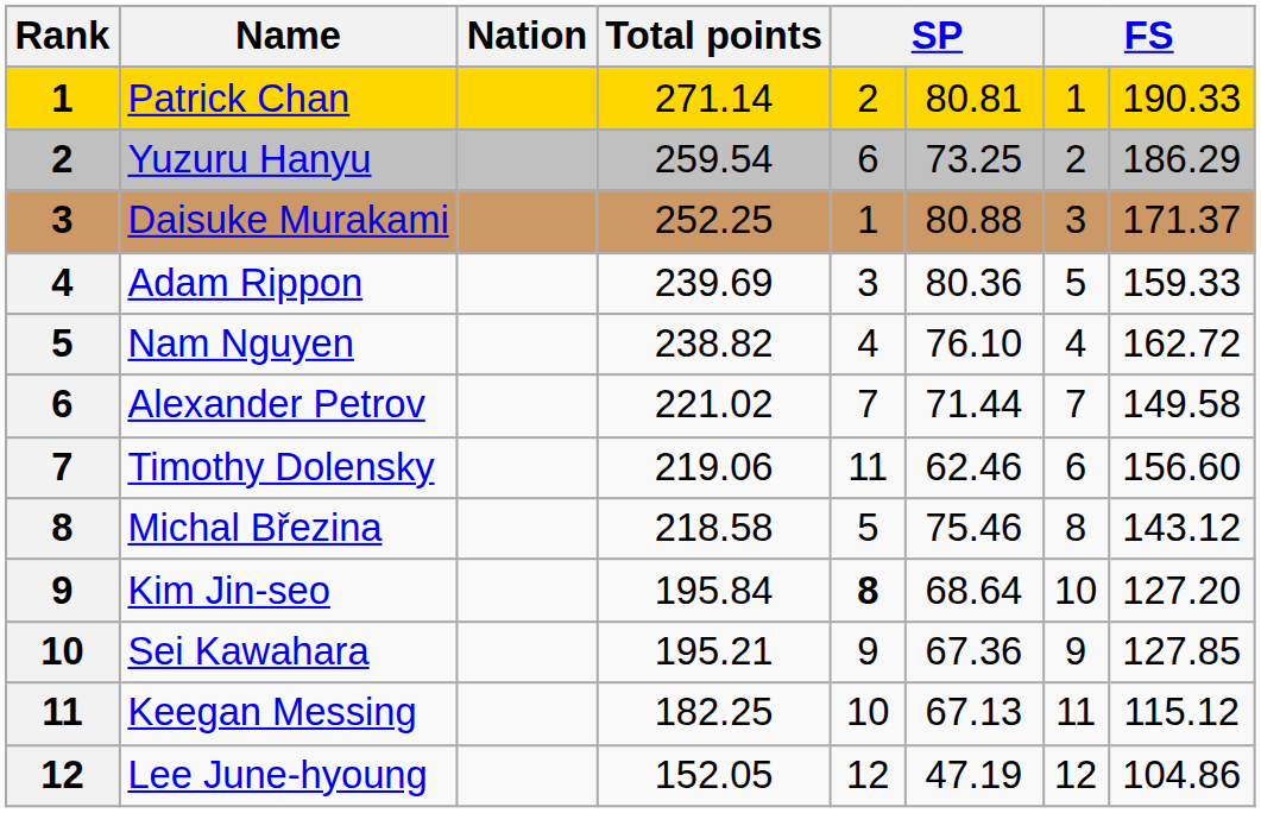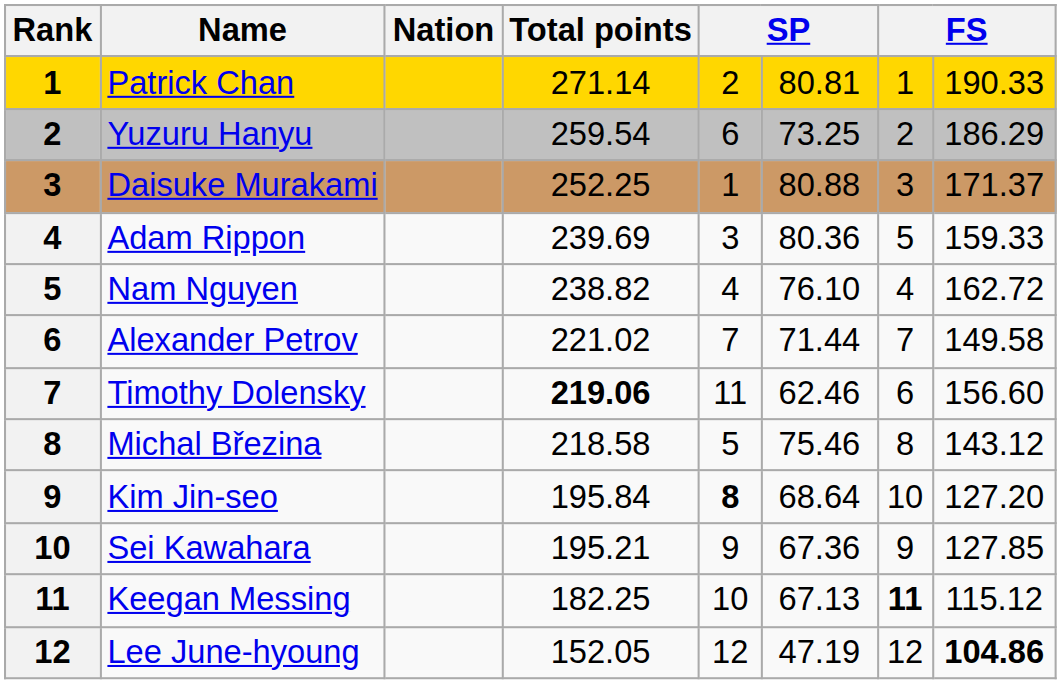 <table class="wikitable sortable">
 <tr>
 <th>Rank</th>
 <th>Name</th>
 <th>Nation</th>
 <th>Total points</th>
 <th colspan="2" width="80px"><a href='#'>SP</a></th>
 <th colspan="2" width="80px"><a href='#'>FS</a></th>
 </tr>
 <tr bgcolor="gold">
 <td align="center"><strong>1</strong></td>
 <td><a href='#'>Patrick Chan</a></td>
 <td></td>
 <td align="center">271.14</td>
 <td align="center">2</td>
 <td align="center">80.81</td>
 <td align="center">1</td>
 <td align="center">190.33</td>
 </tr>
 <tr bgcolor="silver">
 <td align="center"><strong>2</strong></td>
 <td><a href='#'>Yuzuru Hanyu</a></td>
 <td></td>
 <td align="center">259.54</td>
 <td align="center">6</td>
 <td align="center">73.25</td>
 <td align="center">2</td>
 <td align="center">186.29</td>
 </tr>
 <tr bgcolor="cc9966">
 <td align="center"><strong>3</strong></td>
 <td><a href='#'>Daisuke Murakami</a></td>
 <td></td>
 <td align="center">252.25</td>
 <td align="center">1</td>
 <td align="center">80.88</td>
 <td align="center">3</td>
 <td align="center">171.37</td>
 </tr>
 <tr>
 <th>4</th>
 <td><a href='#'>Adam Rippon</a></td>
 <td></td>
 <td align="center">239.69</td>
 <td align="center">3</td>
 <td align="center">80.36</td>
 <td align="center">5</td>
 <td align="center">159.33</td>
 </tr>
 <tr>
 <th>5</th>
 <td><a href='#'>Nam Nguyen</a></td>
 <td></td>
 <td align="center">238.82</td>
 <td align="center">4</td>
 <td align="center">76.10</td>
 <td align="center">4</td>
 <td align="center">162.72</td>
 </tr>
 <tr>
 <th>6</th>
 <td><a href='#'>Alexander Petrov</a></td>
 <td></td>
 <td align="center">221.02</td>
 <td align="center">7</td>
 <td align="center">71.44</td>
 <td align="center">7</td>
 <td align="center">149.58</td>
 </tr>
 <tr>
 <th>7</th>
 <td><a href='#'>Timothy Dolensky</a></td>
 <td></td>
-<td align="center">219.06</td>
+<td align="center"><strong>219.06</strong></td>
 <td align="center">11</td>
 <td align="center">62.46</td>
 <td align="center">6</td>
 <td align="center">156.60</td>
 </tr>
 <tr>
 <th>8</th>
 <td><a href='#'>Michal Březina</a></td>
 <td></td>
 <td align="center">218.58</td>
 <td align="center">5</td>
 <td align="center">75.46</td>
 <td align="center">8</td>
 <td align="center">143.12</td>
 </tr>
 <tr>
 <th>9</th>
 <td><a href='#'>Kim Jin-seo</a></td>
 <td></td>
 <td align="center">195.84</td>
 <td align="center"><strong>8</strong></td>
 <td align="center">68.64</td>
 <td align="center">10</td>
 <td align="center">127.20</td>
 </tr>
 <tr>
 <th>10</th>
 <td><a href='#'>Sei Kawahara</a></td>
 <td></td>
 <td align="center">195.21</td>
 <td align="center">9</td>
 <td align="center">67.36</td>
 <td align="center">9</td>
 <td align="center">127.85</td>
 </tr>
 <tr>
 <th>11</th>
 <td><a href='#'>Keegan Messing</a></td>
 <td></td>
 <td align="center">182.25</td>
 <td align="center">10</td>
 <td align="center">67.13</td>
-<td align="center">11</td>
+<td align="center"><strong>11</strong></td>
 <td align="center">115.12</td>
 </tr>
 <tr>
 <th>12</th>
 <td><a href='#'>Lee June-hyoung</a></td>
 <td></td>
 <td align="center">152.05</td>
 <td align="center">12</td>
 <td align="center">47.19</td>
 <td align="center">12</td>
-<td align="center">104.86</td>
+<td align="center"><strong>104.86</strong></td>
 </tr>
 </table>
